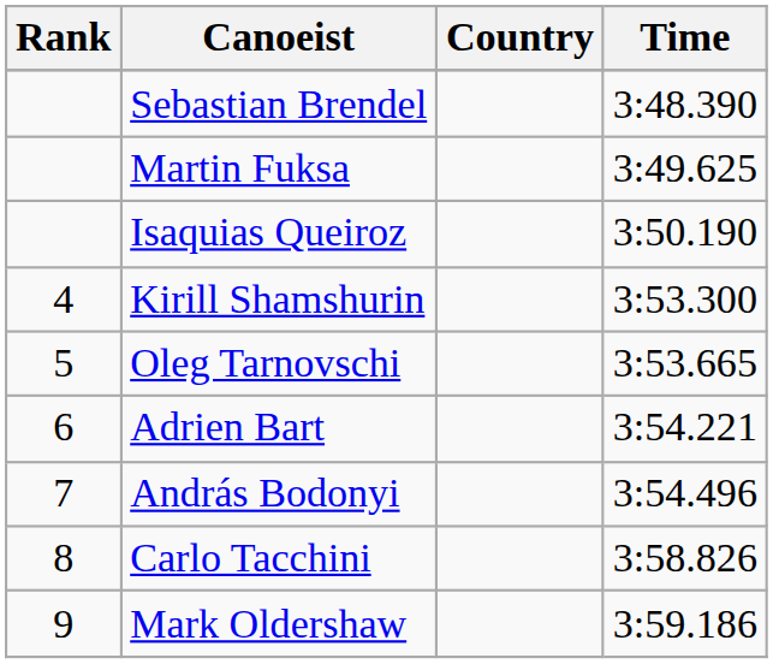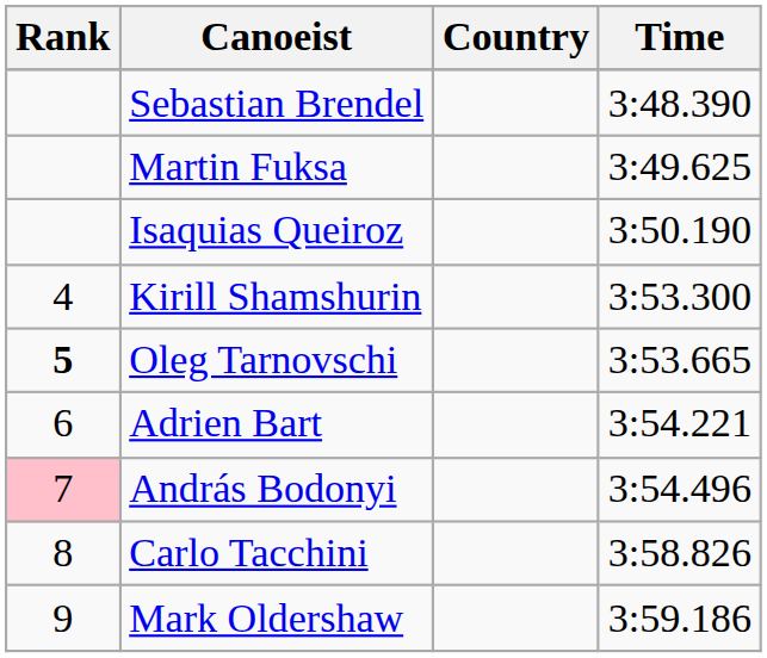 <table class="wikitable" style="text-align:center">
 <tr>
 <th>Rank</th>
 <th>Canoeist</th>
 <th>Country</th>
 <th>Time</th>
 </tr>
 <tr>
 </tr>
 <tr>
 <td></td>
 <td align="left"><a href='#'>Sebastian Brendel</a></td>
 <td align="left"></td>
 <td>3:48.390</td>
 </tr>
 <tr>
 <td></td>
 <td align="left"><a href='#'>Martin Fuksa</a></td>
 <td align="left"></td>
 <td>3:49.625</td>
 </tr>
 <tr>
 <td></td>
 <td align="left"><a href='#'>Isaquias Queiroz</a></td>
 <td align="left"></td>
 <td>3:50.190</td>
 </tr>
 <tr>
 <td>4</td>
 <td align="left"><a href='#'>Kirill Shamshurin</a></td>
 <td align="left"></td>
 <td>3:53.300</td>
 </tr>
 <tr>
-<td>5</td>
+<td><strong>5</strong></td>
 <td align="left"><a href='#'>Oleg Tarnovschi</a></td>
 <td align="left"></td>
 <td>3:53.665</td>
 </tr>
 <tr>
 <td>6</td>
 <td align="left"><a href='#'>Adrien Bart</a></td>
 <td align="left"></td>
 <td>3:54.221</td>
 </tr>
 <tr>
-<td>7</td>
+<td style="background: pink;">7</td>
 <td align="left"><a href='#'>András Bodonyi</a></td>
 <td align="left"></td>
 <td>3:54.496</td>
 </tr>
 <tr>
 <td>8</td>
 <td align="left"><a href='#'>Carlo Tacchini</a></td>
 <td align="left"></td>
 <td>3:58.826</td>
 </tr>
 <tr>
 <td>9</td>
 <td align="left"><a href='#'>Mark Oldershaw</a></td>
 <td align="left"></td>
 <td>3:59.186</td>
 </tr>
 </table>
